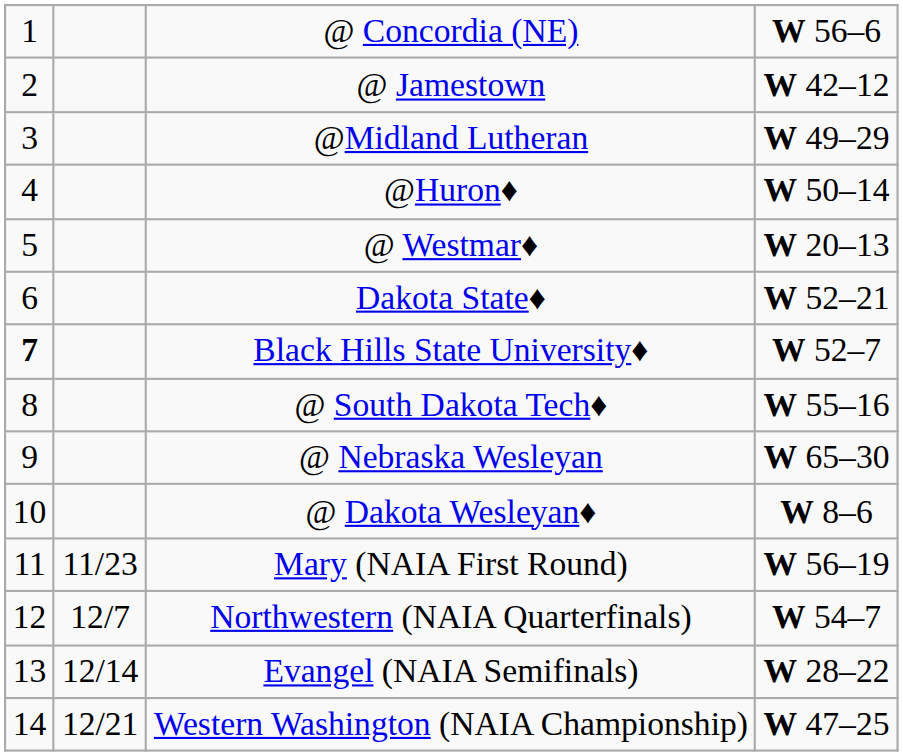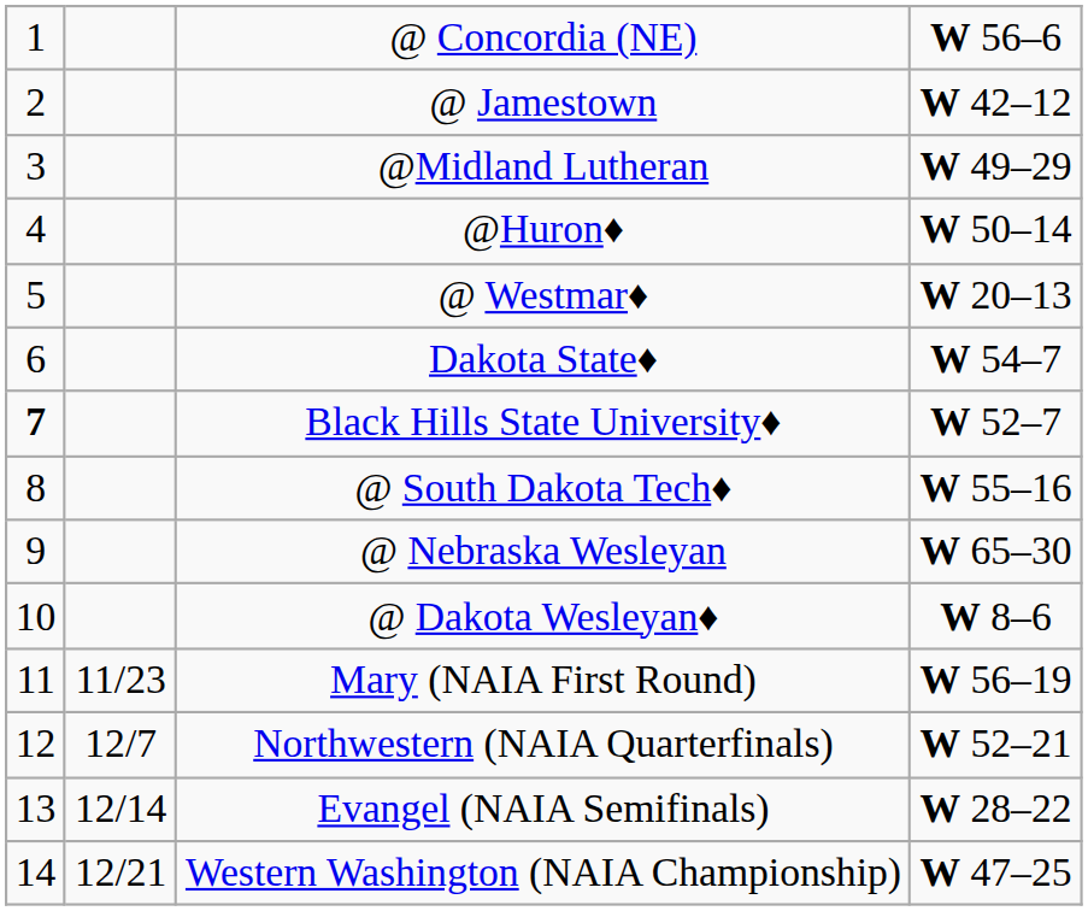 <table class="wikitable" style="text-align:center;">
 <tr>
 <td>1</td>
 <td></td>
 <td>@ <a href='#'>Concordia (NE)</a></td>
 <td><strong>W</strong> 56–6</td>
 </tr>
 <tr align="center" bgcolor="">
 <td>2</td>
 <td></td>
 <td>@ <a href='#'>Jamestown</a></td>
 <td><strong>W</strong> 42–12</td>
 </tr>
 <tr align="center" bgcolor="">
 <td>3</td>
 <td></td>
 <td>@<a href='#'>Midland Lutheran</a></td>
 <td><strong>W</strong> 49–29</td>
 </tr>
 <tr align="center" bgcolor="">
 <td>4</td>
 <td></td>
 <td>@<a href='#'>Huron</a>♦</td>
 <td><strong>W</strong> 50–14</td>
 </tr>
 <tr align="center" bgcolor="">
 <td>5</td>
 <td></td>
 <td>@ <a href='#'>Westmar</a>♦</td>
 <td><strong>W</strong> 20–13</td>
 </tr>
 <tr align="center" bgcolor="">
 <td>6</td>
 <td></td>
 <td><a href='#'>Dakota State</a>♦</td>
-<td><strong>W</strong> 52–21</td>
+<td><strong>W</strong> 54–7</td>
 </tr>
 <tr align="center" bgcolor="">
 <td><strong>7</strong></td>
 <td></td>
 <td><a href='#'>Black Hills State University</a>♦</td>
 <td><strong>W</strong> 52–7</td>
 </tr>
 <tr align="center" bgcolor="">
 <td>8</td>
 <td></td>
 <td>@ <a href='#'>South Dakota Tech</a>♦</td>
 <td><strong>W</strong> 55–16</td>
 </tr>
 <tr align="center" bgcolor="">
 <td>9</td>
 <td></td>
 <td>@ <a href='#'>Nebraska Wesleyan</a></td>
 <td><strong>W</strong> 65–30</td>
 </tr>
 <tr align="center" bgcolor="">
 <td>10</td>
 <td></td>
 <td>@ <a href='#'>Dakota Wesleyan</a>♦</td>
 <td><strong>W</strong> 8–6</td>
 </tr>
 <tr align="center" bgcolor="">
 <td>11</td>
 <td>11/23</td>
 <td><a href='#'>Mary</a> (NAIA First Round)</td>
 <td><strong>W</strong> 56–19</td>
 </tr>
 <tr align="center" bgcolor="">
 <td>12</td>
 <td>12/7</td>
 <td><a href='#'>Northwestern</a> (NAIA Quarterfinals)</td>
-<td><strong>W</strong> 54–7</td>
+<td><strong>W</strong> 52–21</td>
 </tr>
 <tr align="center" bgcolor="">
 <td>13</td>
 <td>12/14</td>
 <td><a href='#'>Evangel</a> (NAIA Semifinals)</td>
 <td><strong>W</strong> 28–22</td>
 </tr>
 <tr align="center" bgcolor="">
 <td>14</td>
 <td>12/21</td>
 <td><a href='#'>Western Washington</a> (NAIA Championship)</td>
 <td><strong>W</strong> 47–25</td>
 </tr>
 </table>
